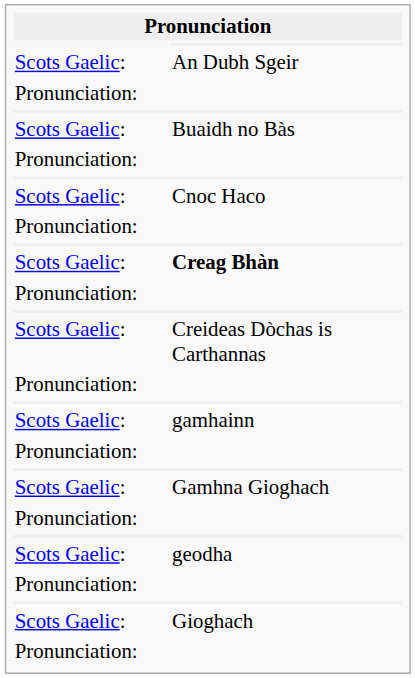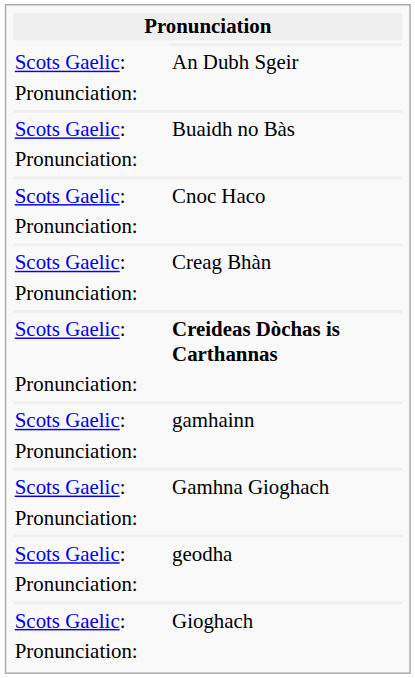 <table class="collapsible infobox collapsed"  style="width:280px; font-size:90%;">
 <tr>
 <th colspan="2" style="background:#efefef;">Pronunciation</th>
 </tr>
 <tr style="vertical-align: top;">
 <td style="width: 40%;"></td>
 <th colspan="2" style="background:#efefef;"></th>
 </tr>
 <tr>
 <td><a href='#'>Scots Gaelic</a>:</td>
 <td>An Dubh Sgeir</td>
 </tr>
 <tr>
 <td>Pronunciation:</td>
 <td></td>
 </tr>
 <tr>
 <th colspan="2" style="background:#efefef;"></th>
 </tr>
 <tr>
 <td><a href='#'>Scots Gaelic</a>:</td>
 <td>Buaidh no Bàs</td>
 </tr>
 <tr>
 <td>Pronunciation:</td>
 <td></td>
 </tr>
 <tr>
 <th colspan="2" style="background:#efefef;"></th>
 </tr>
 <tr>
 <td><a href='#'>Scots Gaelic</a>:</td>
 <td>Cnoc Haco</td>
 </tr>
 <tr>
 <td>Pronunciation:</td>
 <td></td>
 </tr>
 <tr>
 <th colspan="2" style="background:#efefef;"></th>
 </tr>
 <tr>
 <td><a href='#'>Scots Gaelic</a>:</td>
-<td><strong>Creag Bhàn</strong></td>
+<td>Creag Bhàn</td>
 </tr>
 <tr>
 <td>Pronunciation:</td>
 <td></td>
 </tr>
 <tr>
 <th colspan="2" style="background:#efefef;"></th>
 </tr>
 <tr>
 <td><a href='#'>Scots Gaelic</a>:</td>
-<td>Creideas Dòchas is Carthannas</td>
+<td><strong>Creideas Dòchas is Carthannas</strong></td>
 </tr>
 <tr>
 <td>Pronunciation:</td>
 <td></td>
 </tr>
 <tr>
 <th colspan="2" style="background:#efefef;"></th>
 </tr>
 <tr>
 <td><a href='#'>Scots Gaelic</a>:</td>
 <td>gamhainn</td>
 </tr>
 <tr>
 <td>Pronunciation:</td>
 <td></td>
 </tr>
 <tr>
 <th colspan="2" style="background:#efefef;"></th>
 </tr>
 <tr>
 <td><a href='#'>Scots Gaelic</a>:</td>
 <td>Gamhna Gioghach</td>
 </tr>
 <tr>
 <td>Pronunciation:</td>
 <td></td>
 </tr>
 <tr>
 <th colspan="2" style="background:#efefef;"></th>
 </tr>
 <tr>
 <td><a href='#'>Scots Gaelic</a>:</td>
 <td>geodha</td>
 </tr>
 <tr>
 <td>Pronunciation:</td>
 <td></td>
 </tr>
 <tr>
 <th colspan="2" style="background:#efefef;"></th>
 </tr>
 <tr>
 <td><a href='#'>Scots Gaelic</a>:</td>
 <td>Gioghach</td>
 </tr>
 <tr>
 <td>Pronunciation:</td>
 <td></td>
 </tr>
 </table>
